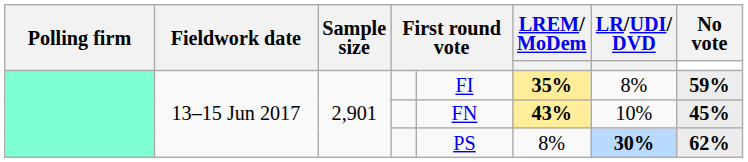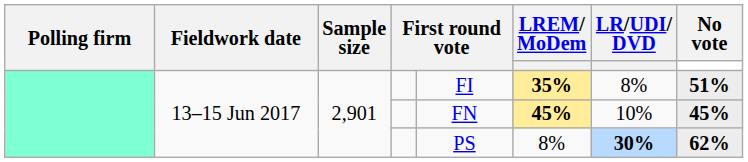 <table class="wikitable sortable" style="text-align:center;font-size:90%;line-height:14px;">
 <tr style="height:40px;">
 <th style="width:100px;" rowspan="2">Polling firm</th>
 <th style="width:110px;" rowspan="2">Fieldwork date</th>
 <th style="width:35px;" rowspan="2">Sample<br>size</th>
 <th style="width:80px;" rowspan="2" colspan="2">First round vote</th>
 <th class="unsortable" style="width:40px;"><a href='#'>LREM</a>/<br><a href='#'>MoDem</a></th>
 <th class="unsortable" style="width:40px;"><a href='#'>LR</a>/<a href='#'>UDI</a>/<br><a href='#'>DVD</a></th>
 <th class="unsortable" style="width:40px;">No vote</th>
 </tr>
 <tr>
 <th style="background:"></th>
 <th style="background:"></th>
 <th style="background:#FFFFFF;"></th>
 </tr>
 <tr>
 <td rowspan="3" style="background:aquamarine;"></td>
 <td rowspan="3" data-sort-value="2017-06-15">13–15 Jun 2017</td>
 <td rowspan="3">2,901</td>
 <td style="background:"></td>
 <td data-sort-value="0"><a href='#'>FI</a></td>
 <td style="background:#FFED99;"><strong>35%</strong></td>
 <td>8%</td>
-<td style="background:#EDEDED;"><strong>59%</strong></td>
+<td style="background:#EDEDED;"><strong>51%</strong></td>
 </tr>
 <tr>
 <td style="background:"></td>
 <td data-sort-value="4"><a href='#'>FN</a></td>
-<td style="background:#FFED99;"><strong>43%</strong></td>
+<td style="background:#FFED99;"><strong>45%</strong></td>
 <td>10%</td>
 <td style="background:#EDEDED;"><strong>45%</strong></td>
 </tr>
 <tr>
 <td style="background:"></td>
 <td data-sort-value="1"><a href='#'>PS</a></td>
 <td>8%</td>
 <td style="background:#B9DAFF;"><strong>30%</strong></td>
 <td style="background:#EDEDED;"><strong>62%</strong></td>
 </tr>
 </table>
